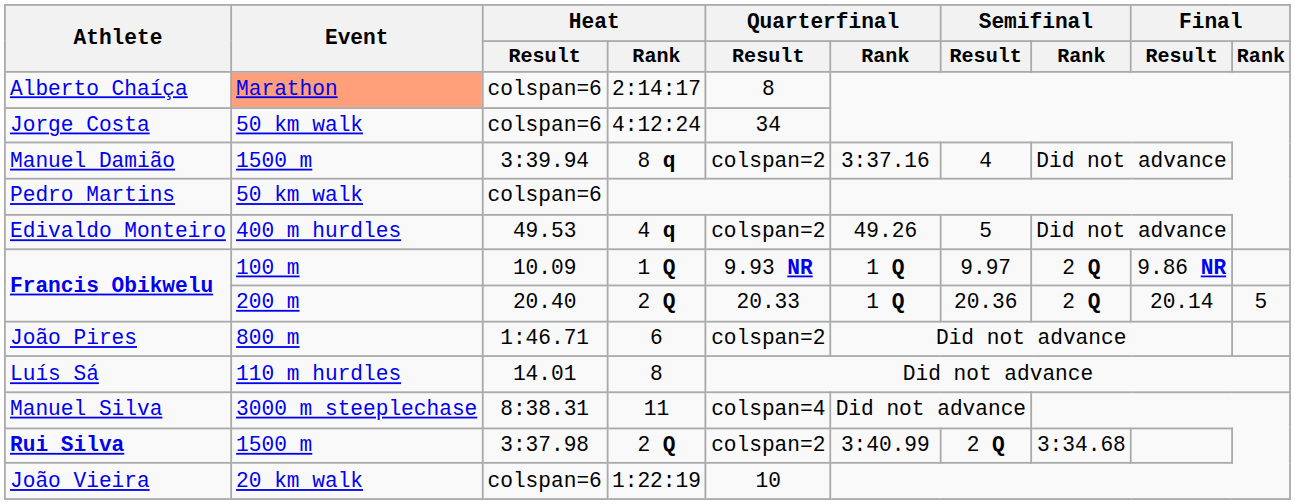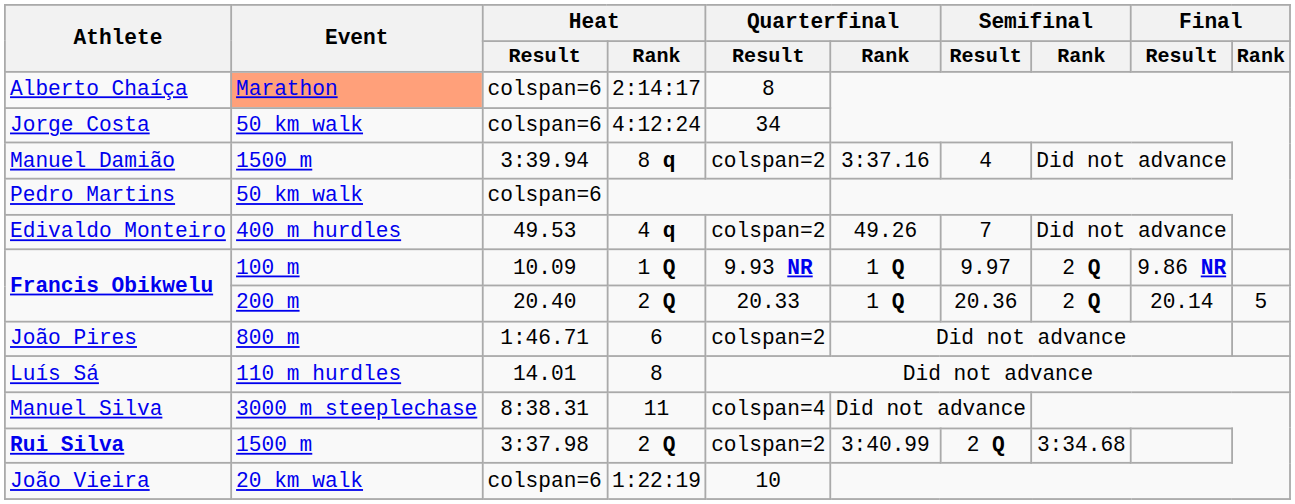 <table class=wikitable style="font-size:90%">
 <tr>
 <th rowspan="2">Athlete</th>
 <th rowspan="2">Event</th>
 <th colspan="2">Heat</th>
 <th colspan="2">Quarterfinal</th>
 <th colspan="2">Semifinal</th>
 <th colspan="2">Final</th>
 </tr>
 <tr style="font-size:95%">
 <th>Result</th>
 <th>Rank</th>
 <th>Result</th>
 <th>Rank</th>
 <th>Result</th>
 <th>Rank</th>
 <th>Result</th>
 <th>Rank</th>
 </tr>
 <tr align=center>
 <td align=left><a href='#'>Alberto Chaíça</a></td>
 <td align=left style="background: lightsalmon;"><a href='#'>Marathon</a></td>
 <td>colspan=6 </td>
 <td>2:14:17</td>
 <td>8</td>
 </tr>
 <tr align=center>
 <td align=left><a href='#'>Jorge Costa</a></td>
 <td align=left><a href='#'>50 km walk</a></td>
 <td>colspan=6 </td>
 <td>4:12:24</td>
 <td>34</td>
 </tr>
 <tr align=center>
 <td align=left><a href='#'>Manuel Damião</a></td>
 <td align=left><a href='#'>1500 m</a></td>
 <td>3:39.94</td>
 <td>8 <strong>q</strong></td>
 <td>colspan=2 </td>
 <td>3:37.16</td>
 <td>4</td>
 <td colspan=2>Did not advance</td>
 </tr>
 <tr align=center>
 <td align=left><a href='#'>Pedro Martins</a></td>
 <td align=left><a href='#'>50 km walk</a></td>
 <td>colspan=6 </td>
 <td colspan=2></td>
 </tr>
 <tr align=center>
 <td align=left><a href='#'>Edivaldo Monteiro</a></td>
 <td align=left><a href='#'>400 m hurdles</a></td>
 <td>49.53</td>
 <td>4 <strong>q</strong></td>
 <td>colspan=2 </td>
 <td>49.26</td>
-<td>5</td>
+<td>7</td>
 <td colspan=2>Did not advance</td>
 </tr>
 <tr align=center>
 <td align=left rowspan=2><strong><a href='#'>Francis Obikwelu</a></strong></td>
 <td align=left><a href='#'>100 m</a></td>
 <td>10.09</td>
 <td>1 <strong>Q</strong></td>
 <td>9.93 <strong><a href='#'>NR</a></strong></td>
 <td>1 <strong>Q</strong></td>
 <td>9.97</td>
 <td>2 <strong>Q</strong></td>
 <td>9.86 <strong><a href='#'>NR</a></strong></td>
 <td></td>
 </tr>
 <tr align=center>
 <td align=left><a href='#'>200 m</a></td>
 <td>20.40</td>
 <td>2 <strong>Q</strong></td>
 <td>20.33</td>
 <td>1 <strong>Q</strong></td>
 <td>20.36</td>
 <td>2 <strong>Q</strong></td>
 <td>20.14</td>
 <td>5</td>
 </tr>
 <tr align=center>
 <td align=left><a href='#'>João Pires</a></td>
 <td align=left><a href='#'>800 m</a></td>
 <td>1:46.71</td>
 <td>6</td>
 <td>colspan=2 </td>
 <td colspan=4>Did not advance</td>
 </tr>
 <tr align=center>
 <td align=left><a href='#'>Luís Sá</a></td>
 <td align=left><a href='#'>110 m hurdles</a></td>
 <td>14.01</td>
 <td>8</td>
 <td colspan=6>Did not advance</td>
 </tr>
 <tr align=center>
 <td align=left><a href='#'>Manuel Silva</a></td>
 <td align=left><a href='#'>3000 m steeplechase</a></td>
 <td>8:38.31</td>
 <td>11</td>
 <td>colspan=4 </td>
 <td colspan=2>Did not advance</td>
 </tr>
 <tr align=center>
 <td align=left><strong><a href='#'>Rui Silva</a></strong></td>
 <td align=left><a href='#'>1500 m</a></td>
 <td>3:37.98</td>
 <td>2 <strong>Q</strong></td>
 <td>colspan=2 </td>
 <td>3:40.99</td>
 <td>2 <strong>Q</strong></td>
 <td>3:34.68</td>
 <td></td>
 </tr>
 <tr align=center>
 <td align=left><a href='#'>João Vieira</a></td>
 <td align=left><a href='#'>20 km walk</a></td>
 <td>colspan=6 </td>
 <td>1:22:19</td>
 <td>10</td>
 </tr>
 </table>
